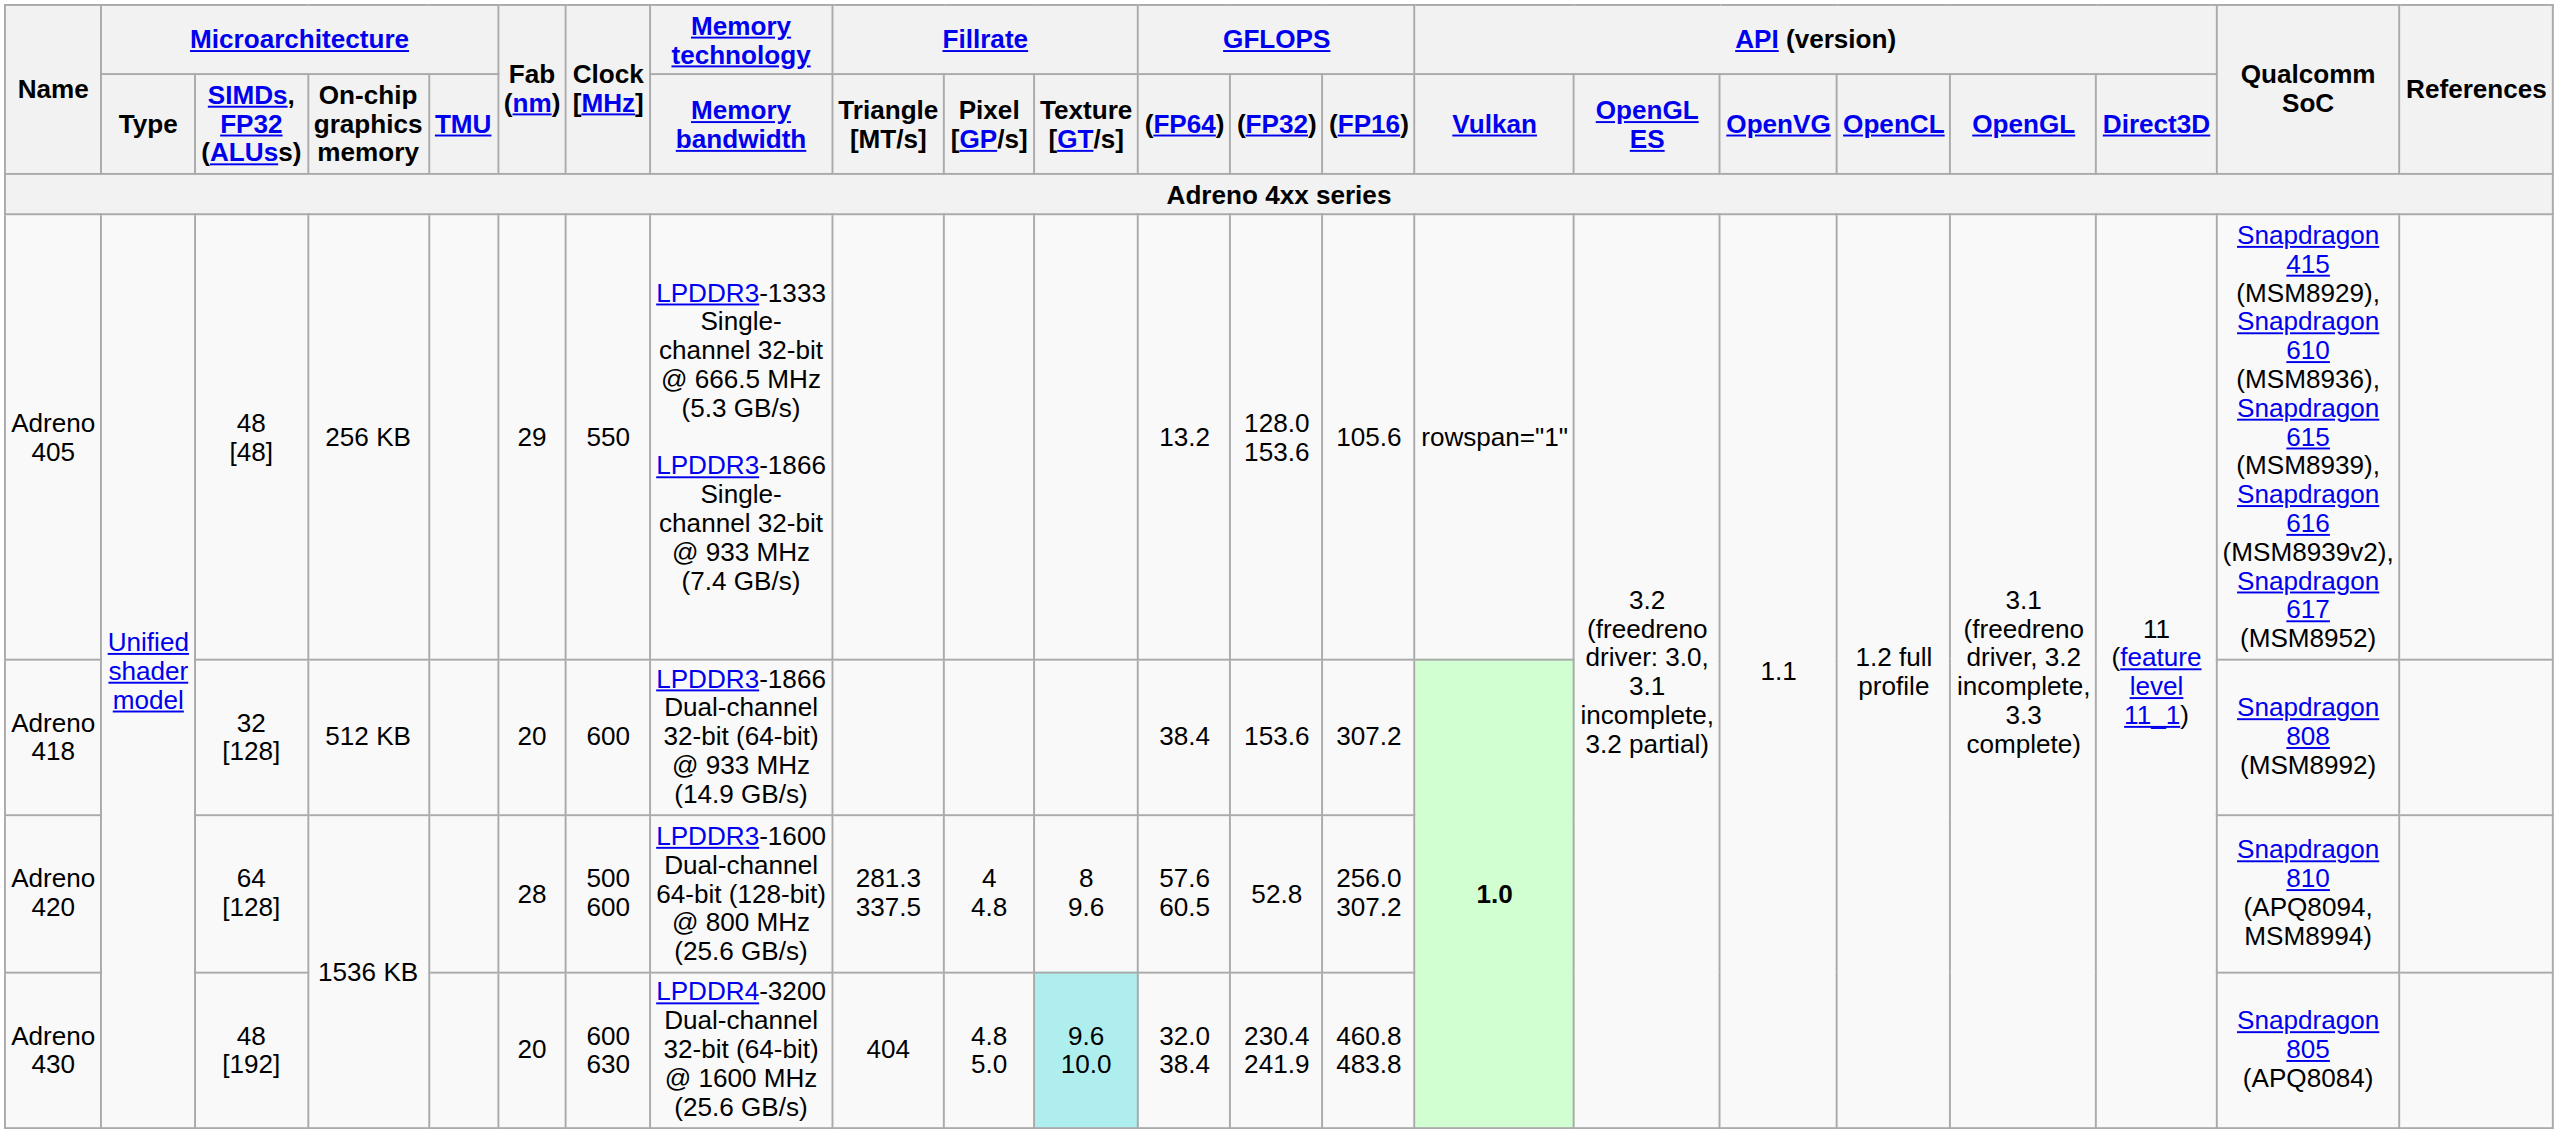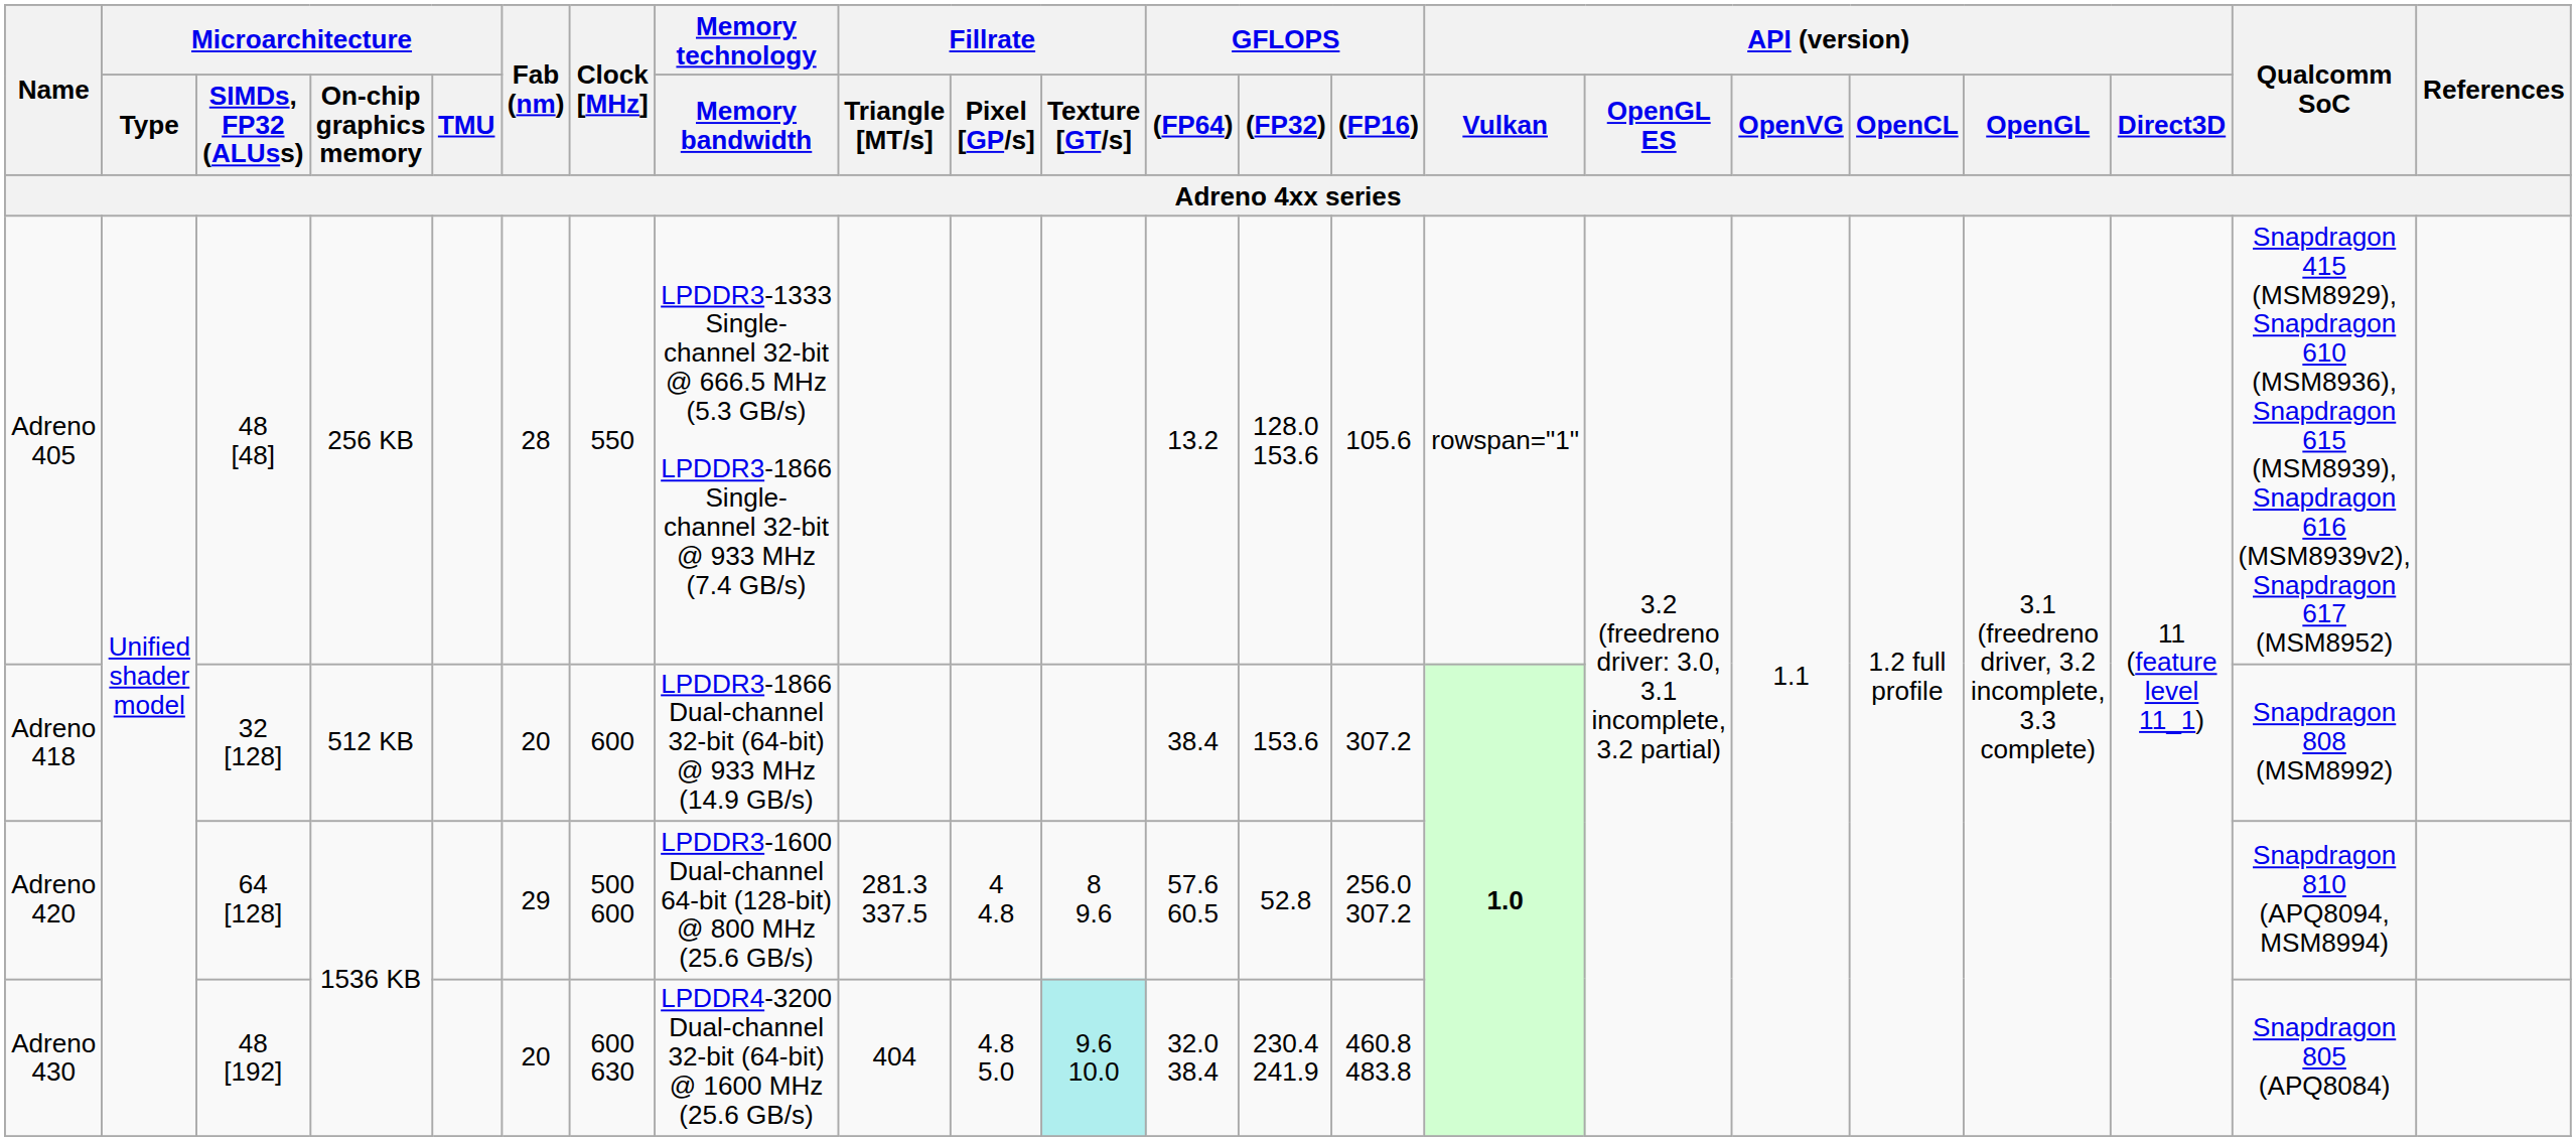 <table class="wikitable" style="font-size: 85%; text-align: center">
 <tr>
 <th rowspan="2">Name</th>
 <th colspan="4"><a href='#'>Microarchitecture</a></th>
 <th rowspan="2">Fab (<a href='#'>nm</a>)</th>
 <th rowspan="2">Clock [<a href='#'>MHz</a>]</th>
 <th><a href='#'>Memory technology</a></th>
 <th colspan="3"><a href='#'>Fillrate</a></th>
 <th colspan="3"><a href='#'>GFLOPS</a></th>
 <th colspan="6"><a href='#'>API</a> (version)</th>
 <th rowspan="2">Qualcomm SoC</th>
 <th rowspan="2">References</th>
 </tr>
 <tr>
 <th>Type</th>
 <th><a href='#'>SIMDs</a>, <a href='#'>FP32</a><br>(<a href='#'>ALUs</a>s)<br></th>
 <th>On-chip graphics memory</th>
 <th><a href='#'>TMU</a></th>
 <th><a href='#'>Memory bandwidth</a></th>
 <th>Triangle<br>[MT/s]</th>
 <th>Pixel<br>[<a href='#'>GP</a>/s]</th>
 <th>Texture<br>[<a href='#'>GT</a>/s]</th>
 <th>(<a href='#'>FP64</a>)</th>
 <th>(<a href='#'>FP32</a>)</th>
 <th>(<a href='#'>FP16</a>)</th>
 <th><a href='#'>Vulkan</a></th>
 <th><a href='#'>OpenGL ES</a></th>
 <th><a href='#'>OpenVG</a></th>
 <th><a href='#'>OpenCL</a></th>
 <th><a href='#'>OpenGL</a></th>
 <th><a href='#'>Direct3D</a></th>
 </tr>
 <tr>
 <th colspan="22">Adreno 4xx series</th>
 </tr>
 <tr>
 <td>Adreno 405</td>
 <td rowspan="4"><a href='#'>Unified shader model</a></td>
 <td>48<br>[48]</td>
 <td>256 KB</td>
 <td></td>
-<td>29</td>
+<td>28</td>
 <td>550</td>
 <td><a href='#'>LPDDR3</a>-1333 Single-<br>channel 32-bit @ 666.5 MHz (5.3 GB/s)<br><br><a href='#'>LPDDR3</a>-1866 Single-<br>channel 32-bit @ 933 MHz (7.4 GB/s)</td>
 <td></td>
 <td></td>
 <td></td>
 <td>13.2</td>
 <td>128.0<br>153.6</td>
 <td>105.6</td>
 <td>rowspan="1" </td>
 <td rowspan="4">3.2 (freedreno driver: 3.0, 3.1 incomplete, 3.2 partial)</td>
 <td rowspan="4">1.1</td>
 <td rowspan="4">1.2 full profile</td>
 <td rowspan="4">3.1 (freedreno driver, 3.2 incomplete, 3.3 complete)</td>
 <td rowspan="4">11 <br>(<a href='#'>feature level 11_1</a>)</td>
 <td><a href='#'>Snapdragon 415</a> (MSM8929), <a href='#'>Snapdragon 610</a> (MSM8936),<br><a href='#'>Snapdragon 615</a> (MSM8939), <a href='#'>Snapdragon 616</a> (MSM8939v2), <a href='#'>Snapdragon 617</a> (MSM8952)</td>
 <td></td>
 </tr>
 <tr>
 <td>Adreno 418</td>
 <td>32<br>[128]</td>
 <td>512 KB</td>
 <td></td>
 <td>20</td>
 <td>600</td>
 <td><a href='#'>LPDDR3</a>-1866 Dual-channel 32-bit (64-bit) @ 933 MHz (14.9 GB/s)</td>
 <td></td>
 <td></td>
 <td></td>
 <td>38.4</td>
 <td>153.6</td>
 <td>307.2</td>
 <td rowspan="3" style="background:#d1ffd1;"><strong>1.0</strong></td>
 <td><a href='#'>Snapdragon 808</a> (MSM8992)</td>
 <td></td>
 </tr>
 <tr>
 <td>Adreno 420</td>
 <td>64<br>[128]</td>
 <td rowspan="2">1536 KB</td>
 <td></td>
-<td>28</td>
+<td>29</td>
 <td>500<br>600</td>
 <td><a href='#'>LPDDR3</a>-1600 Dual-channel 64-bit (128-bit) @ 800 MHz (25.6 GB/s)</td>
 <td>281.3<br>337.5</td>
 <td>4<br>4.8</td>
 <td>8<br>9.6</td>
 <td>57.6<br>60.5</td>
 <td>52.8</td>
 <td>256.0<br>307.2</td>
 <td><a href='#'>Snapdragon 810</a> (APQ8094, MSM8994)</td>
 <td></td>
 </tr>
 <tr>
 <td>Adreno 430</td>
 <td>48<br>[192]</td>
 <td></td>
 <td>20</td>
 <td>600<br>630</td>
 <td><a href='#'>LPDDR4</a>-3200 Dual-channel 32-bit (64-bit) @ 1600 MHz (25.6 GB/s)</td>
 <td>404</td>
 <td>4.8<br>5.0</td>
 <td style="background: paleturquoise;">9.6<br>10.0</td>
 <td>32.0<br>38.4</td>
 <td>230.4<br>241.9</td>
 <td>460.8<br>483.8</td>
 <td><a href='#'>Snapdragon 805</a> (APQ8084)</td>
 <td></td>
 </tr>
 </table>
